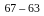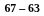 <table style="text-align:center;">
 <tr>
 <th width=200></th>
 <th width=100></th>
 <th width=200></th>
 <th></th>
 </tr>
 <tr>
 <td align=right><strong></strong></td>
-<td>67 – 63</td>
+<td><strong>67 – 63</strong></td>
 <td align=left></td>
 </tr>
 </table>
